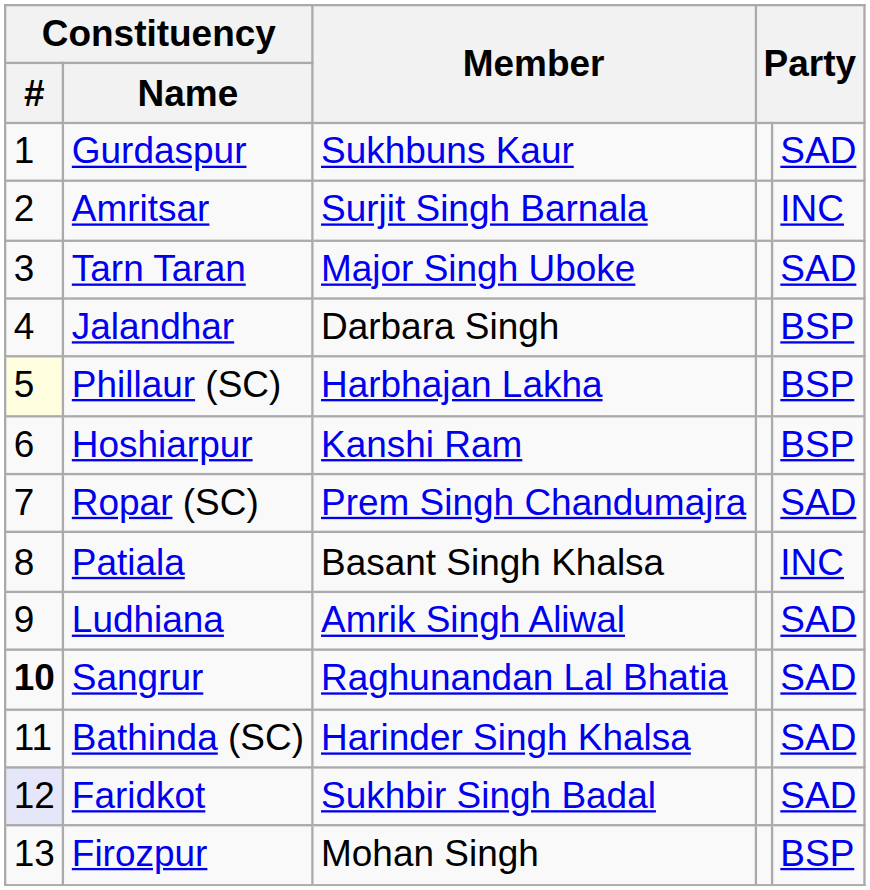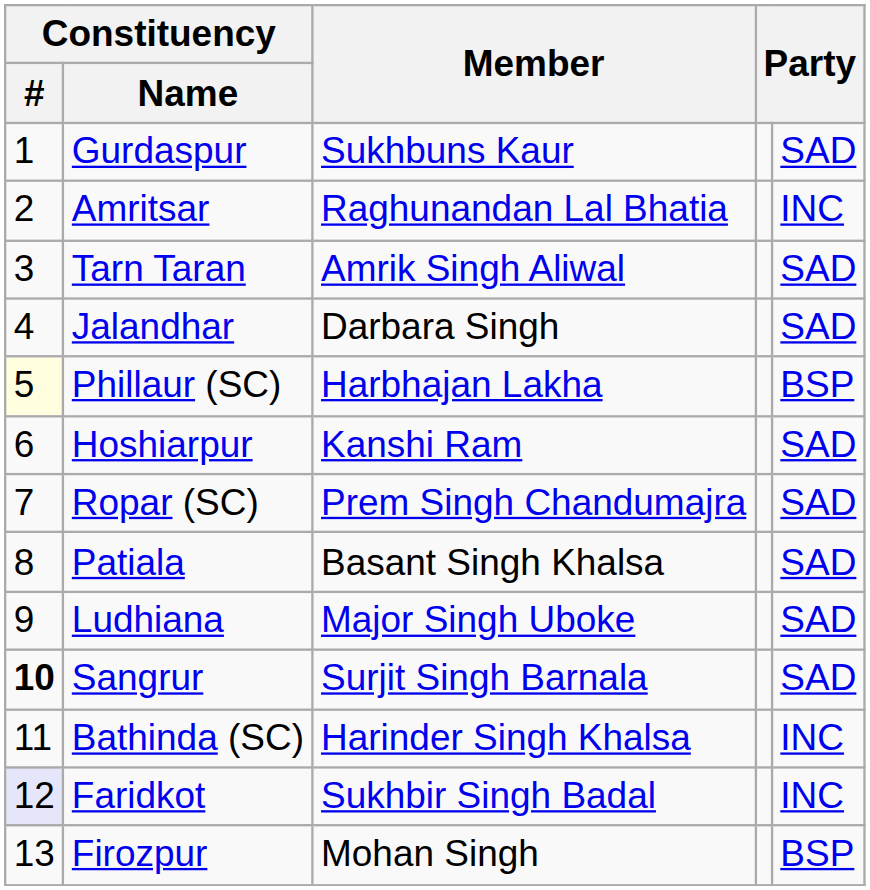 <table class="wikitable sortable">
 <tr>
 <th colspan="2">Constituency</th>
 <th rowspan="2">Member</th>
 <th colspan="2" rowspan="2">Party</th>
 </tr>
 <tr>
 <th>#</th>
 <th>Name</th>
 </tr>
 <tr>
 <td>1</td>
 <td><a href='#'>Gurdaspur</a></td>
 <td><a href='#'>Sukhbuns Kaur</a></td>
 <td style="background-color: "></td>
 <td><a href='#'>SAD</a></td>
 </tr>
 <tr>
 <td>2</td>
 <td><a href='#'>Amritsar</a></td>
-<td><a href='#'>Surjit Singh Barnala</a></td>
+<td><a href='#'>Raghunandan Lal Bhatia</a></td>
 <td style="background-color: "></td>
 <td><a href='#'>INC</a></td>
 </tr>
 <tr>
 <td>3</td>
 <td><a href='#'>Tarn Taran</a></td>
-<td><a href='#'>Major Singh Uboke</a></td>
+<td><a href='#'>Amrik Singh Aliwal</a></td>
 <td style="background-color: "></td>
 <td><a href='#'>SAD</a></td>
 </tr>
 <tr>
 <td>4</td>
 <td><a href='#'>Jalandhar</a></td>
 <td>Darbara Singh</td>
 <td style="background-color: "></td>
-<td><a href='#'>BSP</a></td>
+<td><a href='#'>SAD</a></td>
 </tr>
 <tr>
 <td style="background: lightyellow;">5</td>
 <td><a href='#'>Phillaur</a> (SC)</td>
 <td><a href='#'>Harbhajan Lakha</a></td>
 <td style="background-color: "></td>
 <td><a href='#'>BSP</a></td>
 </tr>
 <tr>
 <td>6</td>
 <td><a href='#'>Hoshiarpur</a></td>
 <td><a href='#'>Kanshi Ram</a></td>
 <td style="background-color: "></td>
-<td><a href='#'>BSP</a></td>
+<td><a href='#'>SAD</a></td>
 </tr>
 <tr>
 <td>7</td>
 <td><a href='#'>Ropar</a> (SC)</td>
 <td><a href='#'>Prem Singh Chandumajra</a></td>
 <td style="background-color: "></td>
 <td><a href='#'>SAD</a></td>
 </tr>
 <tr>
 <td>8</td>
 <td><a href='#'>Patiala</a></td>
 <td>Basant Singh Khalsa</td>
 <td style="background-color: "></td>
-<td><a href='#'>INC</a></td>
+<td><a href='#'>SAD</a></td>
 </tr>
 <tr>
 <td>9</td>
 <td><a href='#'>Ludhiana</a></td>
-<td><a href='#'>Amrik Singh Aliwal</a></td>
+<td><a href='#'>Major Singh Uboke</a></td>
 <td style="background-color: "></td>
 <td><a href='#'>SAD</a></td>
 </tr>
 <tr>
 <td><strong>10</strong></td>
 <td><a href='#'>Sangrur</a></td>
-<td><a href='#'>Raghunandan Lal Bhatia</a></td>
+<td><a href='#'>Surjit Singh Barnala</a></td>
 <td style="background-color: "></td>
 <td><a href='#'>SAD</a></td>
 </tr>
 <tr>
 <td>11</td>
 <td><a href='#'>Bathinda</a> (SC)</td>
 <td><a href='#'>Harinder Singh Khalsa</a></td>
 <td style="background-color: "></td>
-<td><a href='#'>SAD</a></td>
+<td><a href='#'>INC</a></td>
 </tr>
 <tr>
 <td style="background: lavender;">12</td>
 <td><a href='#'>Faridkot</a></td>
 <td><a href='#'>Sukhbir Singh Badal</a></td>
 <td style="background-color: "></td>
-<td><a href='#'>SAD</a></td>
+<td><a href='#'>INC</a></td>
 </tr>
 <tr>
 <td>13</td>
 <td><a href='#'>Firozpur</a></td>
 <td>Mohan Singh</td>
 <td style="background-color: "></td>
 <td><a href='#'>BSP</a></td>
 </tr>
 </table>
